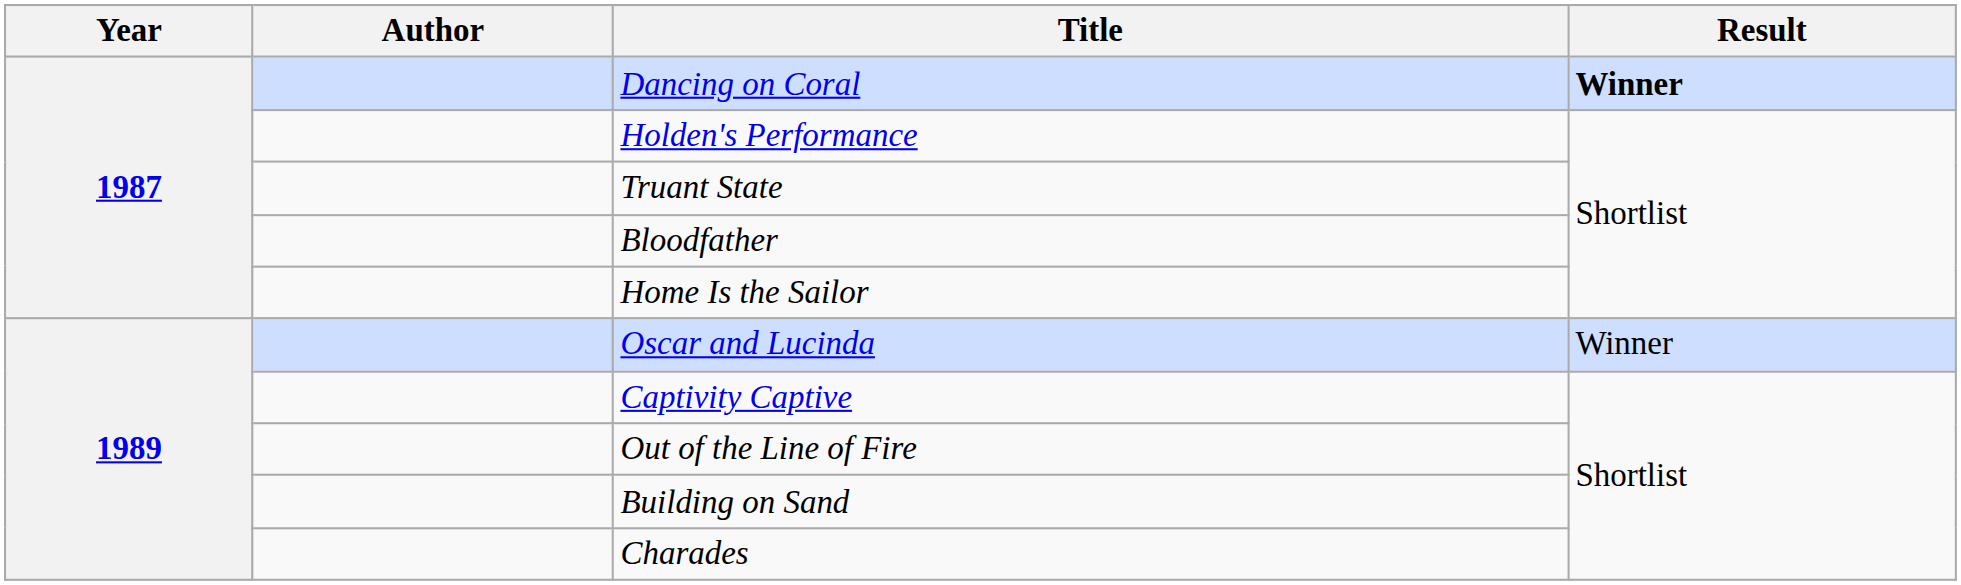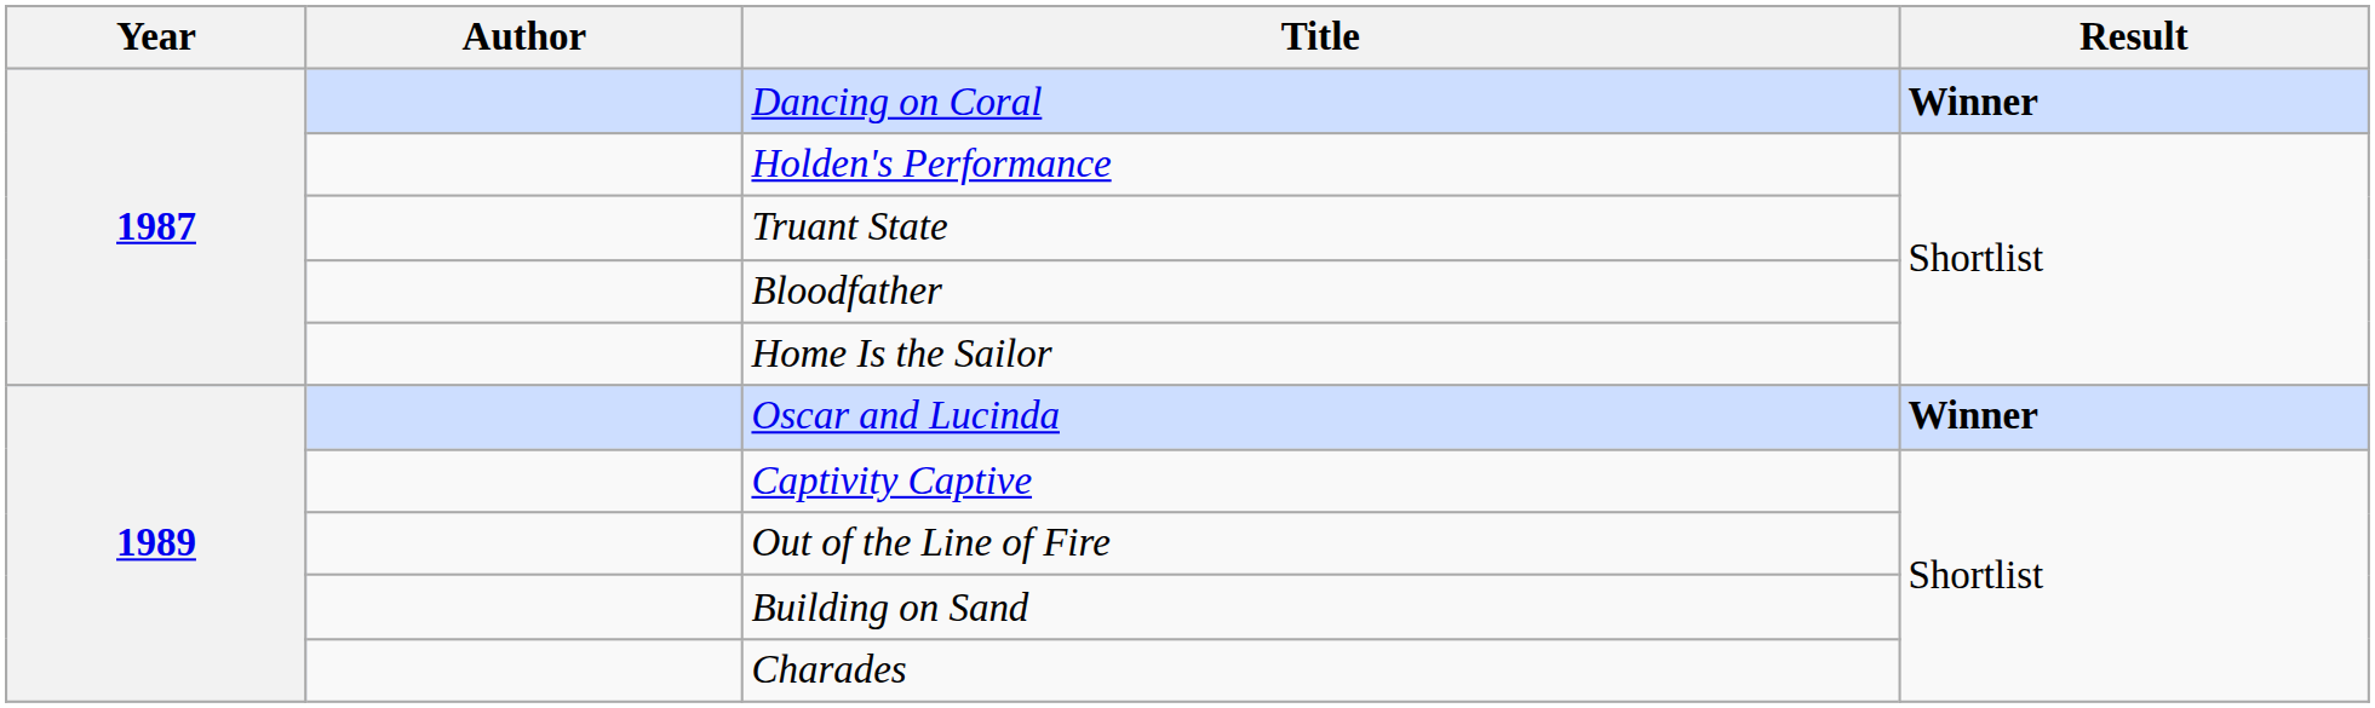 <table class="wikitable sortable mw-collapsible" width="75%">
 <tr>
 <th>Year</th>
 <th>Author</th>
 <th>Title</th>
 <th>Result</th>
 </tr>
 <tr style="background:#cddeff">
 <th rowspan="5"><a href='#'>1987</a></th>
 <td></td>
 <td><em><a href='#'>Dancing on Coral</a></em></td>
 <td><strong>Winner </strong></td>
 </tr>
 <tr>
 <td></td>
 <td><em><a href='#'>Holden's Performance</a></em></td>
 <td rowspan="4">Shortlist</td>
 </tr>
 <tr>
 <td></td>
 <td><em>Truant State</em></td>
 </tr>
 <tr>
 <td></td>
 <td><em>Bloodfather</em></td>
 </tr>
 <tr>
 <td></td>
 <td><em>Home Is the Sailor</em></td>
 </tr>
 <tr style="background:#cddeff">
 <th rowspan="5"><a href='#'>1989</a></th>
 <td></td>
 <td><em><a href='#'>Oscar and Lucinda</a></em></td>
-<td>Winner</td>
+<td><strong>Winner</strong></td>
 </tr>
 <tr>
 <td></td>
 <td><em><a href='#'>Captivity Captive</a></em></td>
 <td rowspan="4">Shortlist</td>
 </tr>
 <tr>
 <td></td>
 <td><em>Out of the Line of Fire</em></td>
 </tr>
 <tr>
 <td></td>
 <td><em>Building on Sand</em></td>
 </tr>
 <tr>
 <td></td>
 <td><em>Charades</em></td>
 </tr>
 </table>
